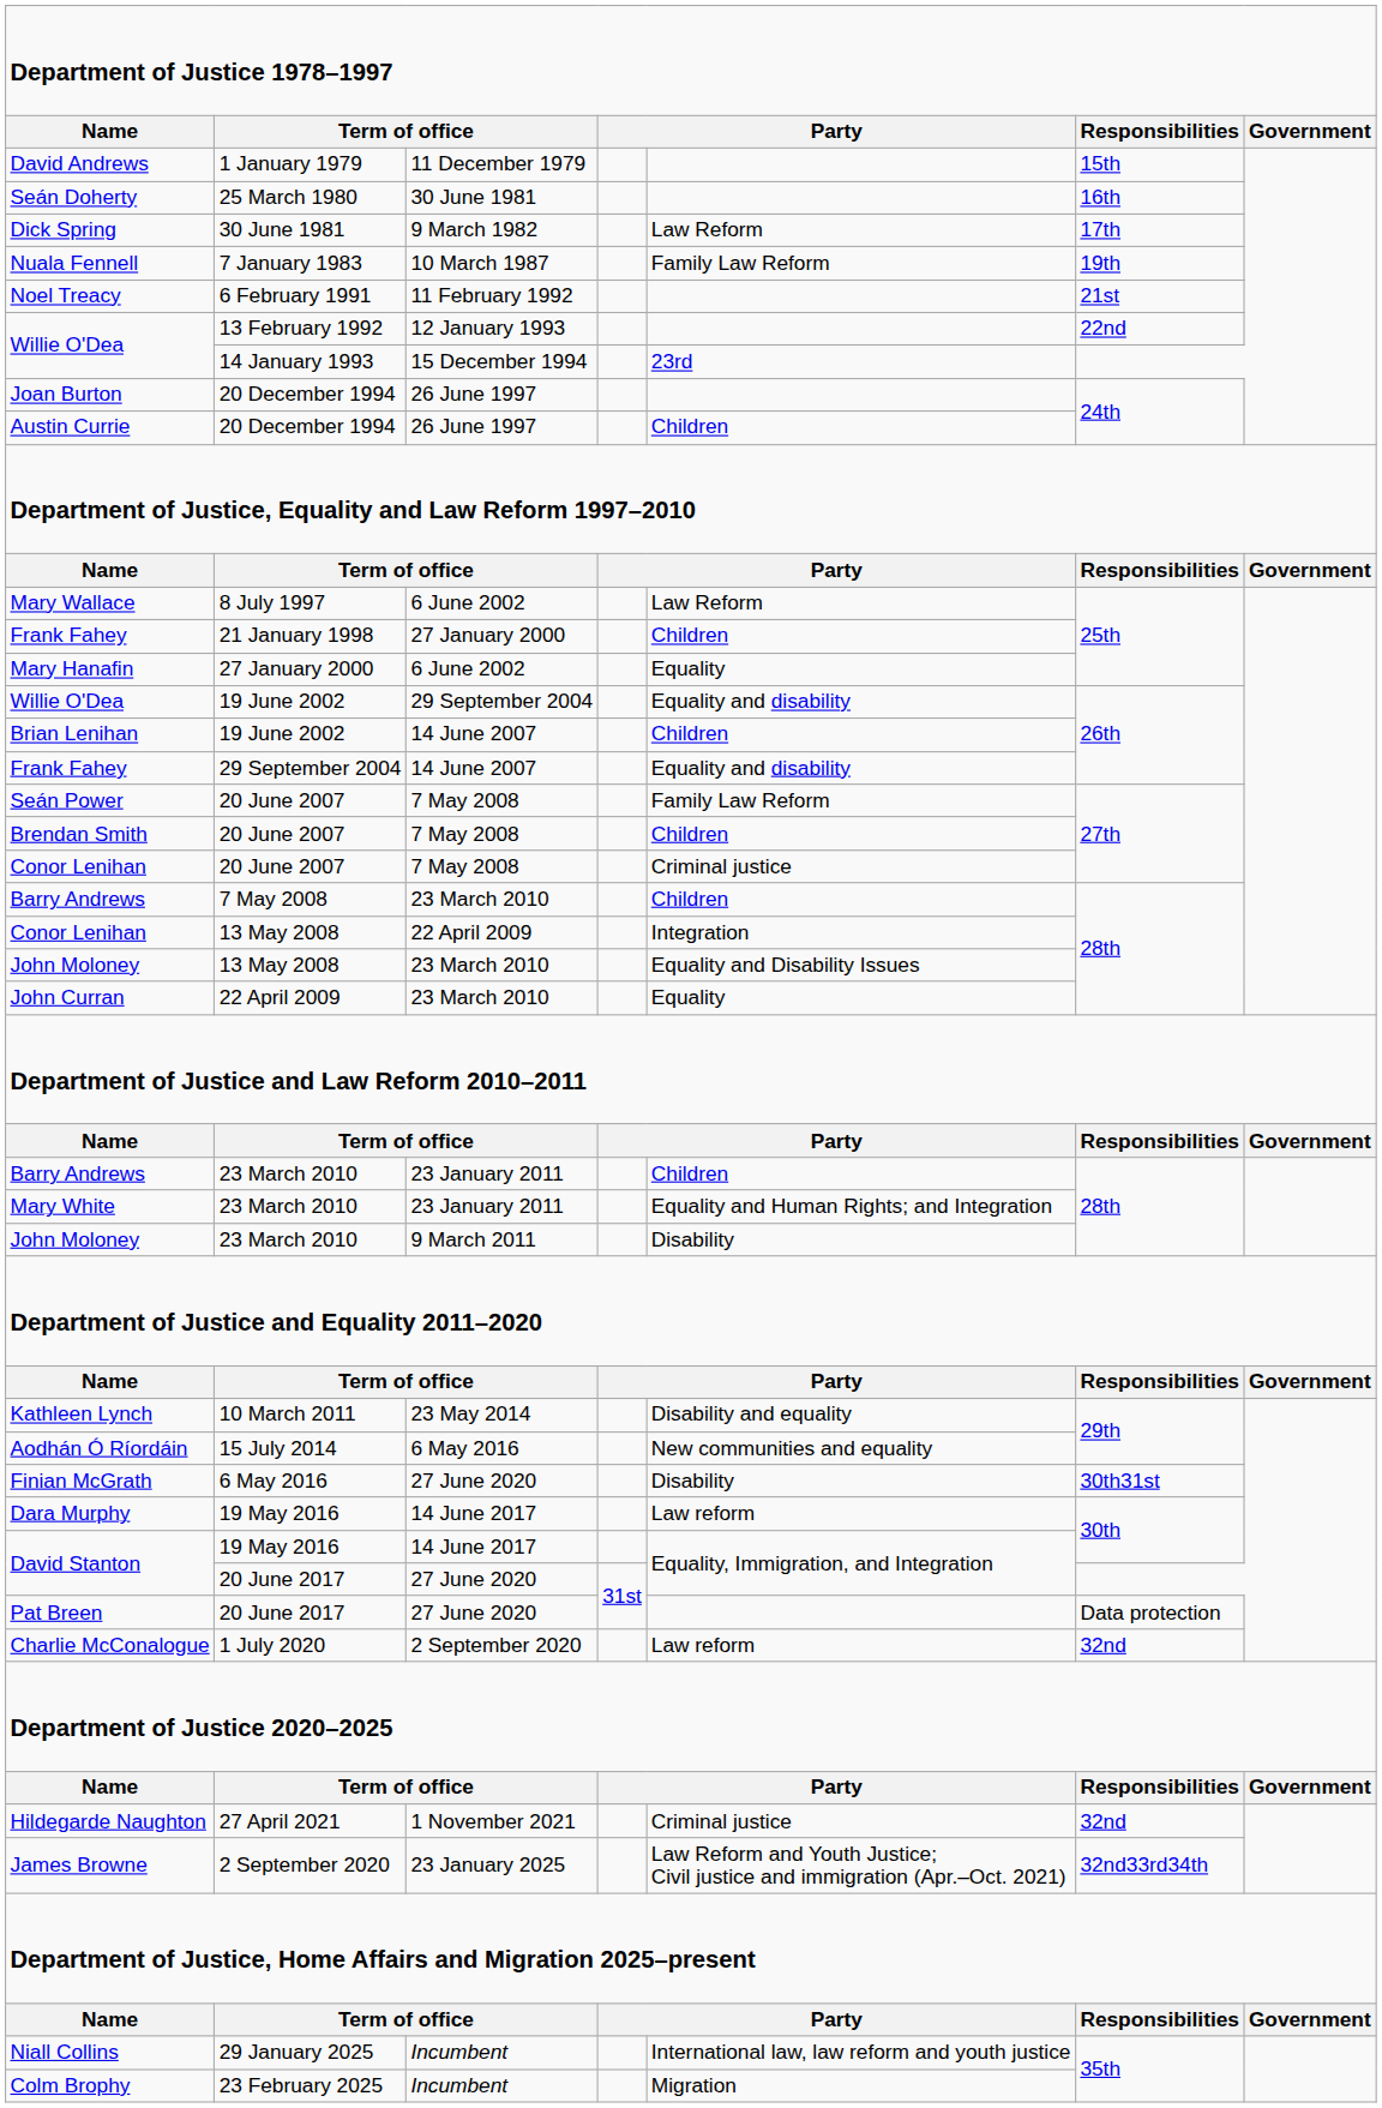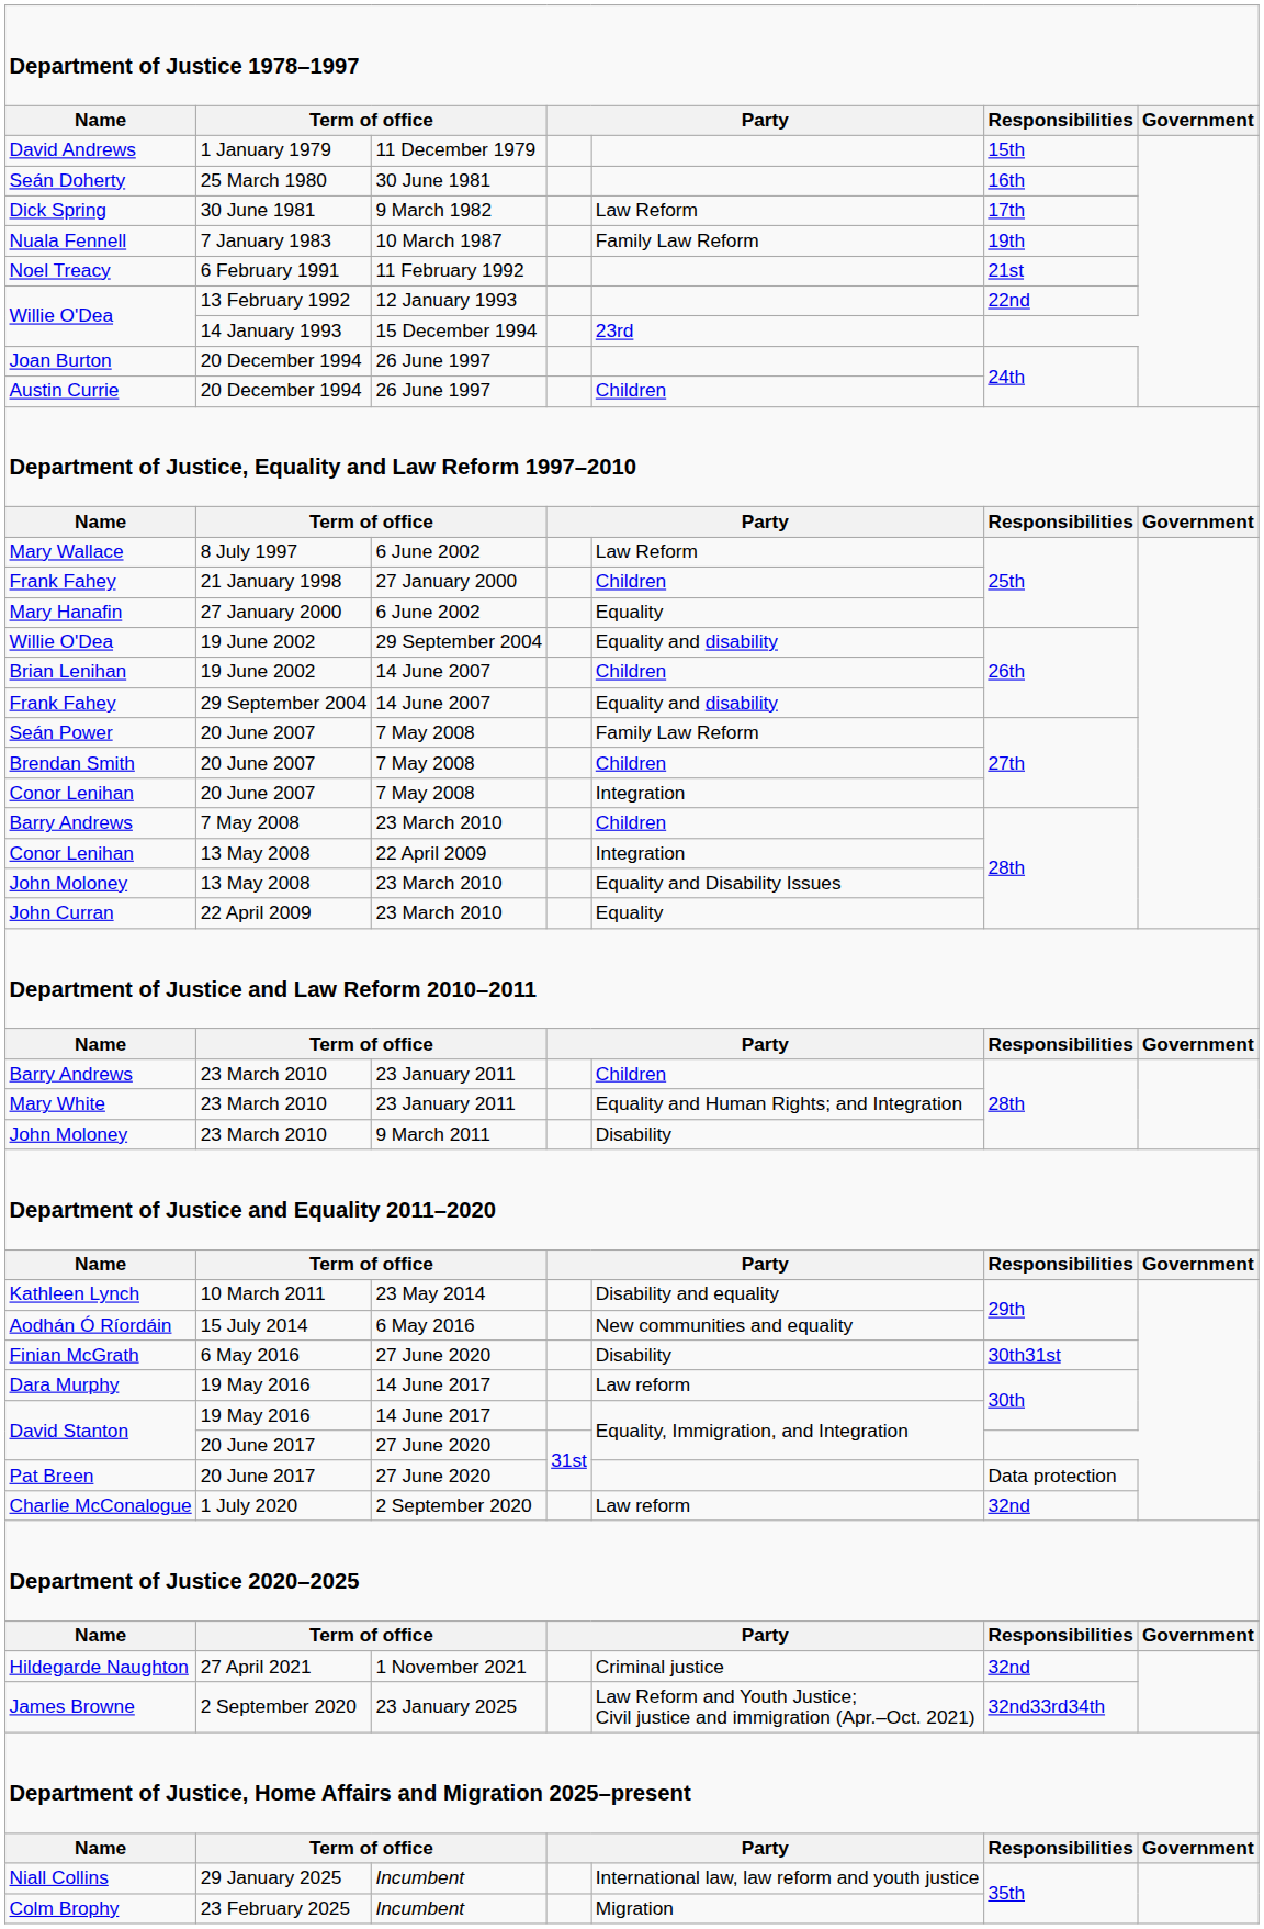 <table class="wikitable">
 <tr>
 <td colspan="7"><br><h3>Department of Justice 1978–1997</h3></td>
 </tr>
 <tr>
 <th>Name</th>
 <th colspan="2">Term of office</th>
 <th colspan="2">Party</th>
 <th>Responsibilities</th>
 <th>Government</th>
 </tr>
 <tr>
 <td><a href='#'>David Andrews</a></td>
 <td>1 January 1979</td>
 <td>11 December 1979</td>
 <td></td>
 <td></td>
 <td><a href='#'>15th</a></td>
 </tr>
 <tr>
 <td><a href='#'>Seán Doherty</a></td>
 <td>25 March 1980</td>
 <td>30 June 1981</td>
 <td></td>
 <td></td>
 <td><a href='#'>16th</a></td>
 </tr>
 <tr>
 <td><a href='#'>Dick Spring</a></td>
 <td>30 June 1981</td>
 <td>9 March 1982</td>
 <td></td>
 <td>Law Reform</td>
 <td><a href='#'>17th</a></td>
 </tr>
 <tr>
 <td><a href='#'>Nuala Fennell</a></td>
 <td>7 January 1983</td>
 <td>10 March 1987</td>
 <td></td>
 <td>Family Law Reform</td>
 <td><a href='#'>19th</a></td>
 </tr>
 <tr>
 <td><a href='#'>Noel Treacy</a></td>
 <td>6 February 1991</td>
 <td>11 February 1992</td>
 <td></td>
 <td></td>
 <td><a href='#'>21st</a></td>
 </tr>
 <tr>
 <td rowspan=2><a href='#'>Willie O'Dea</a></td>
 <td>13 February 1992</td>
 <td>12 January 1993</td>
 <td></td>
 <td></td>
 <td><a href='#'>22nd</a></td>
 </tr>
 <tr>
 <td>14 January 1993</td>
 <td>15 December 1994</td>
 <td></td>
 <td><a href='#'>23rd</a></td>
 </tr>
 <tr>
 <td><a href='#'>Joan Burton</a></td>
 <td>20 December 1994</td>
 <td>26 June 1997</td>
 <td></td>
 <td></td>
 <td rowspan=2><a href='#'>24th</a></td>
 </tr>
 <tr>
 <td><a href='#'>Austin Currie</a></td>
 <td>20 December 1994</td>
 <td>26 June 1997</td>
 <td></td>
 <td><a href='#'>Children</a></td>
 </tr>
 <tr>
 <td colspan="7"><br><h3>Department of Justice, Equality and Law Reform 1997–2010</h3></td>
 </tr>
 <tr>
 <th>Name</th>
 <th colspan="2">Term of office</th>
 <th colspan="2">Party</th>
 <th>Responsibilities</th>
 <th>Government</th>
 </tr>
 <tr>
 <td><a href='#'>Mary Wallace</a></td>
 <td>8 July 1997</td>
 <td>6 June 2002</td>
 <td></td>
 <td>Law Reform</td>
 <td rowspan=3><a href='#'>25th</a></td>
 </tr>
 <tr>
 <td><a href='#'>Frank Fahey</a></td>
 <td>21 January 1998</td>
 <td>27 January 2000</td>
 <td></td>
 <td><a href='#'>Children</a></td>
 </tr>
 <tr>
 <td><a href='#'>Mary Hanafin</a></td>
 <td>27 January 2000</td>
 <td>6 June 2002</td>
 <td></td>
 <td>Equality</td>
 </tr>
 <tr>
 <td><a href='#'>Willie O'Dea</a></td>
 <td>19 June 2002</td>
 <td>29 September 2004</td>
 <td></td>
 <td>Equality and <a href='#'>disability</a></td>
 <td rowspan=3><a href='#'>26th</a></td>
 </tr>
 <tr>
 <td><a href='#'>Brian Lenihan</a></td>
 <td>19 June 2002</td>
 <td>14 June 2007</td>
 <td></td>
 <td><a href='#'>Children</a></td>
 </tr>
 <tr>
 <td><a href='#'>Frank Fahey</a></td>
 <td>29 September 2004</td>
 <td>14 June 2007</td>
 <td></td>
 <td>Equality and <a href='#'>disability</a></td>
 </tr>
 <tr>
 <td><a href='#'>Seán Power</a></td>
 <td>20 June 2007</td>
 <td>7 May 2008</td>
 <td></td>
 <td>Family Law Reform</td>
 <td rowspan=3><a href='#'>27th</a></td>
 </tr>
 <tr>
 <td><a href='#'>Brendan Smith</a></td>
 <td>20 June 2007</td>
 <td>7 May 2008</td>
 <td></td>
 <td><a href='#'>Children</a></td>
 </tr>
 <tr>
 <td><a href='#'>Conor Lenihan</a></td>
 <td>20 June 2007</td>
 <td>7 May 2008</td>
 <td></td>
-<td>Criminal justice</td>
+<td>Integration</td>
 </tr>
 <tr>
 <td><a href='#'>Barry Andrews</a></td>
 <td>7 May 2008</td>
 <td>23 March 2010</td>
 <td></td>
 <td><a href='#'>Children</a></td>
 <td rowspan=4><a href='#'>28th</a></td>
 </tr>
 <tr>
 <td><a href='#'>Conor Lenihan</a></td>
 <td>13 May 2008</td>
 <td>22 April 2009</td>
 <td></td>
 <td>Integration</td>
 </tr>
 <tr>
 <td><a href='#'>John Moloney</a></td>
 <td>13 May 2008</td>
 <td>23 March 2010</td>
 <td></td>
 <td>Equality and Disability Issues</td>
 </tr>
 <tr>
 <td><a href='#'>John Curran</a></td>
 <td>22 April 2009</td>
 <td>23 March 2010</td>
 <td></td>
 <td>Equality</td>
 </tr>
 <tr>
 <td colspan="7"><br><h3>Department of Justice and Law Reform 2010–2011</h3></td>
 </tr>
 <tr>
 <th>Name</th>
 <th colspan="2">Term of office</th>
 <th colspan="2">Party</th>
 <th>Responsibilities</th>
 <th>Government</th>
 </tr>
 <tr>
 <td><a href='#'>Barry Andrews</a></td>
 <td>23 March 2010</td>
 <td>23 January 2011</td>
 <td></td>
 <td><a href='#'>Children</a></td>
 <td rowspan=3><a href='#'>28th</a></td>
 </tr>
 <tr>
 <td><a href='#'>Mary White</a></td>
 <td>23 March 2010</td>
 <td>23 January 2011</td>
 <td></td>
 <td>Equality and Human Rights; and Integration</td>
 </tr>
 <tr>
 <td><a href='#'>John Moloney</a></td>
 <td>23 March 2010</td>
 <td>9 March 2011</td>
 <td></td>
 <td>Disability</td>
 </tr>
 <tr>
 <td colspan="7"><br><h3>Department of Justice and Equality 2011–2020</h3></td>
 </tr>
 <tr>
 <th>Name</th>
 <th colspan="2">Term of office</th>
 <th colspan="2">Party</th>
 <th>Responsibilities</th>
 <th>Government</th>
 </tr>
 <tr>
 <td><a href='#'>Kathleen Lynch</a></td>
 <td>10 March 2011</td>
 <td>23 May 2014</td>
 <td></td>
 <td>Disability and equality</td>
 <td rowspan=2><a href='#'>29th</a></td>
 </tr>
 <tr>
 <td><a href='#'>Aodhán Ó Ríordáin</a></td>
 <td>15 July 2014</td>
 <td>6 May 2016</td>
 <td></td>
 <td>New communities and equality</td>
 </tr>
 <tr>
 <td><a href='#'>Finian McGrath</a></td>
 <td>6 May 2016</td>
 <td>27 June 2020</td>
 <td></td>
 <td>Disability</td>
 <td><a href='#'>30th</a><a href='#'>31st</a></td>
 </tr>
 <tr>
 <td><a href='#'>Dara Murphy</a></td>
 <td>19 May 2016</td>
 <td>14 June 2017</td>
 <td></td>
 <td>Law reform</td>
 <td rowspan=2><a href='#'>30th</a></td>
 </tr>
 <tr>
 <td rowspan=2><a href='#'>David Stanton</a></td>
 <td>19 May 2016</td>
 <td>14 June 2017</td>
 <td></td>
 <td rowspan=2>Equality, Immigration, and Integration</td>
 </tr>
 <tr>
 <td>20 June 2017</td>
 <td>27 June 2020</td>
 <td rowspan=2><a href='#'>31st</a></td>
 </tr>
 <tr>
 <td><a href='#'>Pat Breen</a></td>
 <td>20 June 2017</td>
 <td>27 June 2020</td>
 <td></td>
 <td>Data protection</td>
 </tr>
 <tr>
 <td><a href='#'>Charlie McConalogue</a></td>
 <td>1 July 2020</td>
 <td>2 September 2020</td>
 <td></td>
 <td>Law reform</td>
 <td><a href='#'>32nd</a></td>
 </tr>
 <tr>
 <td colspan="7"><br><h3>Department of Justice 2020–2025</h3></td>
 </tr>
 <tr>
 <th>Name</th>
 <th colspan="2">Term of office</th>
 <th colspan="2">Party</th>
 <th>Responsibilities</th>
 <th>Government</th>
 </tr>
 <tr>
 <td><a href='#'>Hildegarde Naughton</a></td>
 <td>27 April 2021</td>
 <td>1 November 2021</td>
 <td></td>
 <td>Criminal justice</td>
 <td><a href='#'>32nd</a></td>
 </tr>
 <tr>
 <td><a href='#'>James Browne</a></td>
 <td>2 September 2020</td>
 <td>23 January 2025</td>
 <td></td>
 <td>Law Reform and Youth Justice;<br>Civil justice and immigration (Apr.–Oct. 2021)</td>
 <td><a href='#'>32nd</a><a href='#'>33rd</a><a href='#'>34th</a></td>
 </tr>
 <tr>
 <td colspan="7"><br><h3>Department of Justice, Home Affairs and Migration 2025–present</h3></td>
 </tr>
 <tr>
 <th>Name</th>
 <th colspan="2">Term of office</th>
 <th colspan="2">Party</th>
 <th>Responsibilities</th>
 <th>Government</th>
 </tr>
 <tr>
 <td><a href='#'>Niall Collins</a></td>
 <td>29 January 2025</td>
 <td><em>Incumbent</em></td>
 <td></td>
 <td>International law, law reform and youth justice</td>
 <td rowspan=2><a href='#'>35th</a></td>
 </tr>
 <tr>
 <td><a href='#'>Colm Brophy</a></td>
 <td>23 February 2025</td>
 <td><em>Incumbent</em></td>
 <td></td>
 <td>Migration</td>
 </tr>
 </table>
